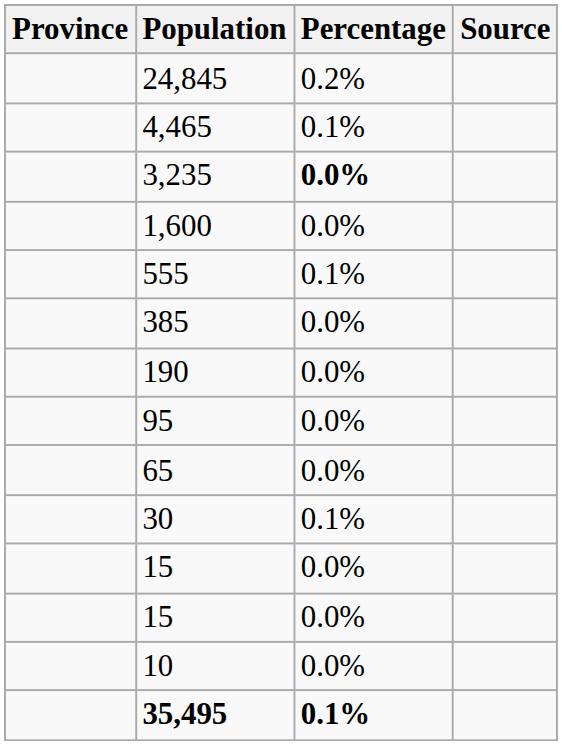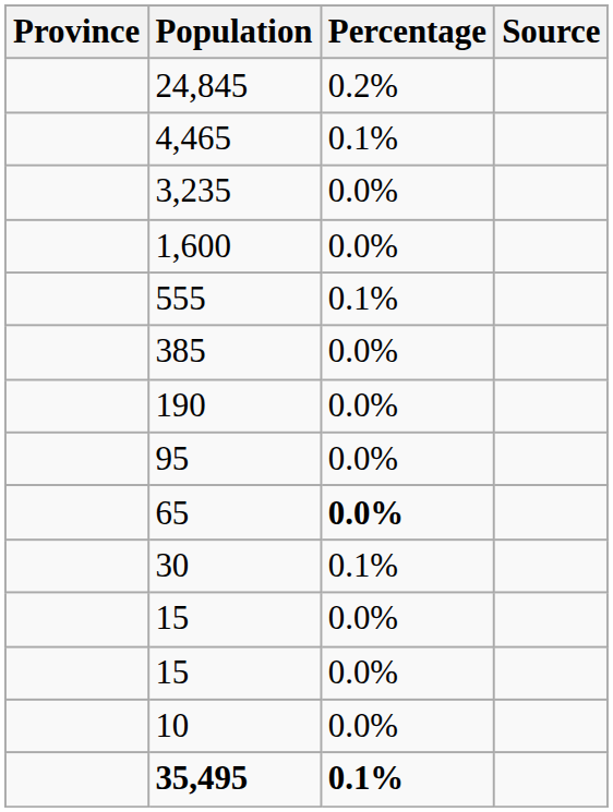 <table class="wikitable sortable">
 <tr>
 </tr>
 <tr>
 <th>Province</th>
 <th>Population</th>
 <th>Percentage</th>
 <th>Source</th>
 </tr>
 <tr>
 <td></td>
 <td>24,845</td>
 <td>0.2%</td>
 <td></td>
 </tr>
 <tr>
 <td></td>
 <td>4,465</td>
 <td>0.1%</td>
 <td></td>
 </tr>
 <tr>
 <td></td>
 <td>3,235</td>
-<td><strong>0.0%</strong></td>
+<td>0.0%</td>
 <td></td>
 </tr>
 <tr>
 <td></td>
 <td>1,600</td>
 <td>0.0%</td>
 <td></td>
 </tr>
 <tr>
 <td></td>
 <td>555</td>
 <td>0.1%</td>
 <td></td>
 </tr>
 <tr>
 <td></td>
 <td>385</td>
 <td>0.0%</td>
 <td></td>
 </tr>
 <tr>
 <td></td>
 <td>190</td>
 <td>0.0%</td>
 <td></td>
 </tr>
 <tr>
 <td></td>
 <td>95</td>
 <td>0.0%</td>
 <td></td>
 </tr>
 <tr>
 <td></td>
 <td>65</td>
-<td>0.0%</td>
+<td><strong>0.0%</strong></td>
 <td></td>
 </tr>
 <tr>
 <td></td>
 <td>30</td>
 <td>0.1%</td>
 <td></td>
 </tr>
 <tr>
 <td></td>
 <td>15</td>
 <td>0.0%</td>
 <td></td>
 </tr>
 <tr>
 <td></td>
 <td>15</td>
 <td>0.0%</td>
 <td></td>
 </tr>
 <tr>
 <td></td>
 <td>10</td>
 <td>0.0%</td>
 <td></td>
 </tr>
 <tr>
 <td></td>
 <td><strong>35,495</strong></td>
 <td><strong>0.1%</strong></td>
 <td></td>
 </tr>
 </table>
